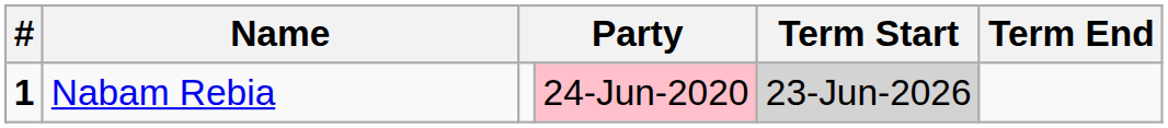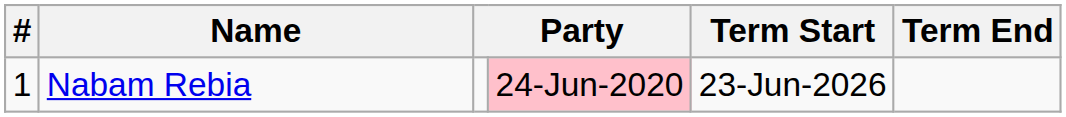 <table class="wikitable sortable">
 <tr>
 <th>#</th>
 <th style="width:200px">Name</th>
 <th colspan="2">Party</th>
 <th>Term Start</th>
 <th>Term End</th>
 </tr>
 <tr>
-<td><strong>1</strong></td>
+<td>1</td>
 <td><a href='#'>Nabam Rebia</a></td>
 <td></td>
 <td style="background: pink;">24-Jun-2020</td>
-<td style="background: lightgrey;">23-Jun-2026</td>
+<td>23-Jun-2026</td>
 </tr>
 </table>
